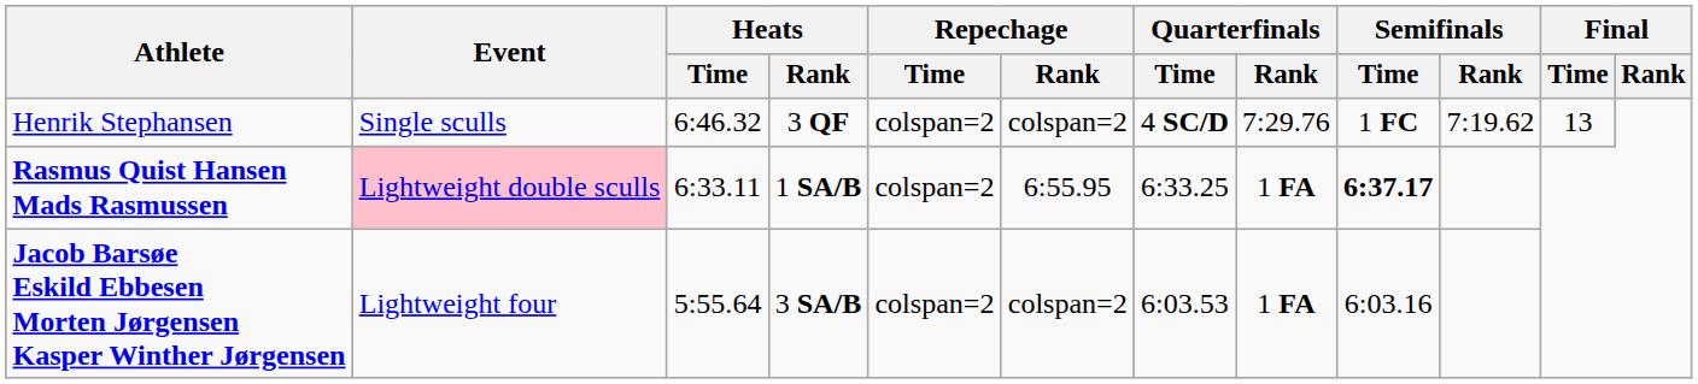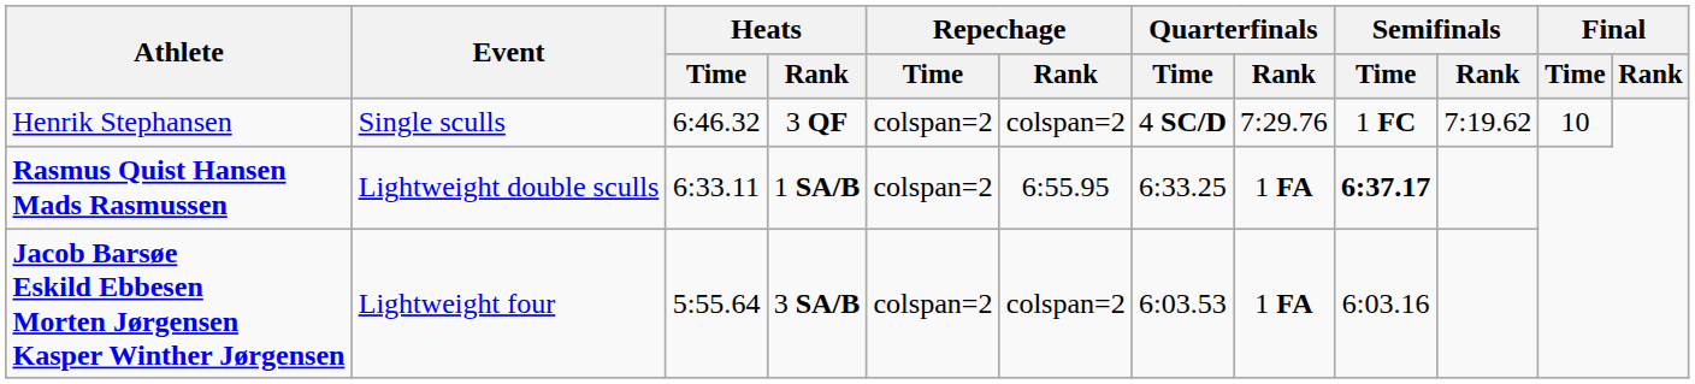 <table class="wikitable" style="font-size:90%">
 <tr>
 <th rowspan="2">Athlete</th>
 <th rowspan="2">Event</th>
 <th colspan="2">Heats</th>
 <th colspan="2">Repechage</th>
 <th colspan=2>Quarterfinals</th>
 <th colspan="2">Semifinals</th>
 <th colspan="3">Final</th>
 </tr>
 <tr style="font-size:95%">
 <th>Time</th>
 <th>Rank</th>
 <th>Time</th>
 <th>Rank</th>
 <th>Time</th>
 <th>Rank</th>
 <th>Time</th>
 <th>Rank</th>
 <th>Time</th>
 <th>Rank</th>
 </tr>
 <tr align=center>
 <td align=left><a href='#'>Henrik Stephansen</a></td>
 <td align=left><a href='#'>Single sculls</a></td>
 <td>6:46.32</td>
 <td>3 <strong>QF</strong></td>
 <td>colspan=2 </td>
 <td>colspan=2 </td>
 <td>4 <strong>SC/D</strong></td>
 <td>7:29.76</td>
 <td>1 <strong>FC</strong></td>
 <td>7:19.62</td>
-<td>13</td>
+<td>10</td>
 </tr>
 <tr align=center>
 <td align=left><strong><a href='#'>Rasmus Quist Hansen</a><br><a href='#'>Mads Rasmussen</a></strong></td>
-<td align=left style="background: pink;"><a href='#'>Lightweight double sculls</a></td>
+<td align=left><a href='#'>Lightweight double sculls</a></td>
 <td>6:33.11</td>
 <td>1 <strong>SA/B</strong></td>
 <td>colspan=2 </td>
 <td>6:55.95</td>
 <td>6:33.25</td>
 <td>1 <strong>FA</strong></td>
 <td><strong>6:37.17</strong></td>
 <td></td>
 </tr>
 <tr align=center>
 <td align=left><strong><a href='#'>Jacob Barsøe</a><br><a href='#'>Eskild Ebbesen</a><br><a href='#'>Morten Jørgensen</a><br><a href='#'>Kasper Winther Jørgensen</a></strong></td>
 <td align=left><a href='#'>Lightweight four</a></td>
 <td>5:55.64</td>
 <td>3 <strong>SA/B</strong></td>
 <td>colspan=2 </td>
 <td>colspan=2 </td>
 <td>6:03.53</td>
 <td>1 <strong>FA</strong></td>
 <td>6:03.16</td>
 <td></td>
 </tr>
 </table>
